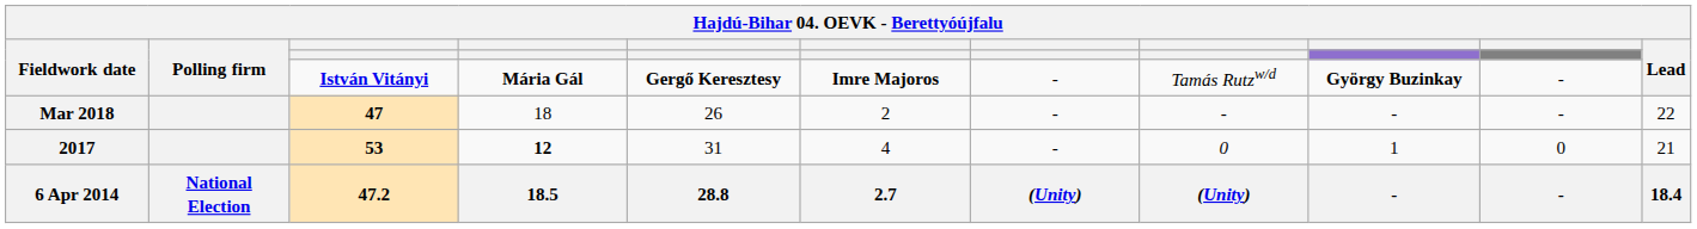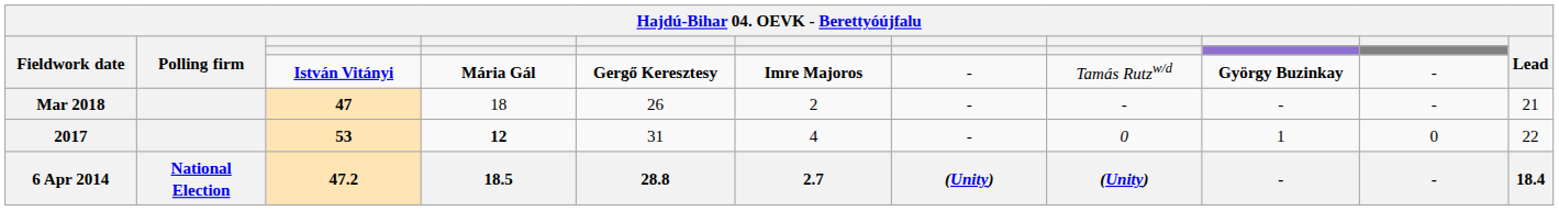 <table class="wikitable mw-collapsible mw-collapsed" style="text-align:center">
 <tr>
 <th colspan="11" style="width: 980pt;"><small><a href='#'>Hajdú-Bihar</a> 04. OEVK - <a href='#'>Berettyóújfalu</a></small></th>
 </tr>
 <tr>
 <th rowspan="3" style="width: 80pt;"><small>Fieldwork</small> <small>date</small></th>
 <th rowspan="3" style="width: 80pt;"><strong><small>Polling</small> <small>firm</small></strong></th>
 <th style="width: 100pt;"><small></small></th>
 <th style="width: 100pt;"><small> </small></th>
 <th style="width: 100pt;"></th>
 <th style="width: 100pt;"></th>
 <th style="width: 100pt;"></th>
 <th style="width: 100pt;"></th>
 <th style="width: 100pt;"></th>
 <th style="width: 100pt;"></th>
 <th rowspan="3" style="width: 20pt;"><small>Lead</small></th>
 </tr>
 <tr>
 <th style="color:inherit;background:"></th>
 <th style="color:inherit;background:"></th>
 <th style="color:inherit;background:"></th>
 <th style="color:inherit;background:"></th>
 <th style="color:inherit;background:"></th>
 <th style="color:inherit;background:"></th>
 <th style="color:inherit;background:#8E6FCE;"></th>
 <th style="color:inherit;background:#808080;"></th>
 </tr>
 <tr>
 <td><small><strong><a href='#'>István Vitányi</a></strong></small></td>
 <td><small><strong>Mária Gál</strong></small></td>
 <td><small><strong>Gergő Keresztesy</strong></small></td>
 <td><small><strong>Imre Majoros</strong></small></td>
 <td><small>-</small></td>
 <td><em><small>Tamás Rutz<sup>w/d</sup></small></em></td>
 <td><small><strong>György Buzinkay</strong></small></td>
 <td><small>-</small></td>
 </tr>
 <tr>
 <th><small>Mar 2018</small></th>
 <th><small></small></th>
 <td style="background:#FFE5B4"><small><strong>47</strong></small></td>
 <td><small>18</small></td>
 <td><small>26</small></td>
 <td><small>2</small></td>
 <td><small>-</small></td>
 <td><small><em>-</em></small></td>
 <td><small>-</small></td>
 <td><small>-</small></td>
-<td style="background:"><small>22</small></td>
+<td style="background:"><small>21</small></td>
 </tr>
 <tr>
 <th><small>2017</small></th>
 <th><small></small></th>
 <td style="background:#FFE5B4"><small><strong>53</strong></small></td>
 <td><strong><small>12</small></strong></td>
 <td><small>31</small></td>
 <td><small>4</small></td>
 <td><small>-</small></td>
 <td><small><em>0</em></small></td>
 <td><small>1</small></td>
 <td><small>0</small></td>
-<td style="background:"><small>21</small></td>
+<td style="background:"><small>22</small></td>
 </tr>
 <tr>
 <th><small>6 Apr 2014</small></th>
 <th><a href='#'><small>National Election</small></a></th>
 <th style="background:#FFE5B4"><small>47.2</small></th>
 <th><small>18.5</small></th>
 <th><small>28.8</small></th>
 <th><small>2.7</small></th>
 <th><small><em>(<a href='#'>Unity</a>)</em></small></th>
 <th><small><em>(<a href='#'>Unity</a>)</em></small></th>
 <th><small>-</small></th>
 <th><small>-</small></th>
 <th style="background:"><small>18.4</small></th>
 </tr>
 </table>
